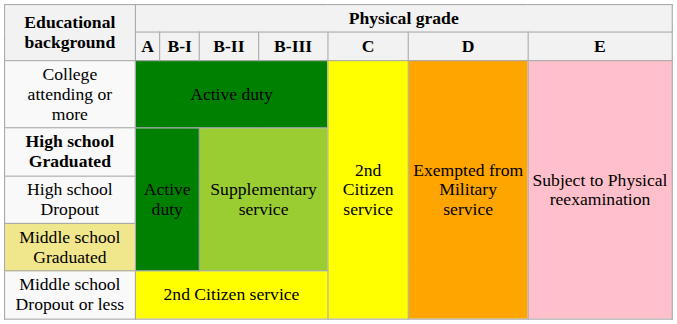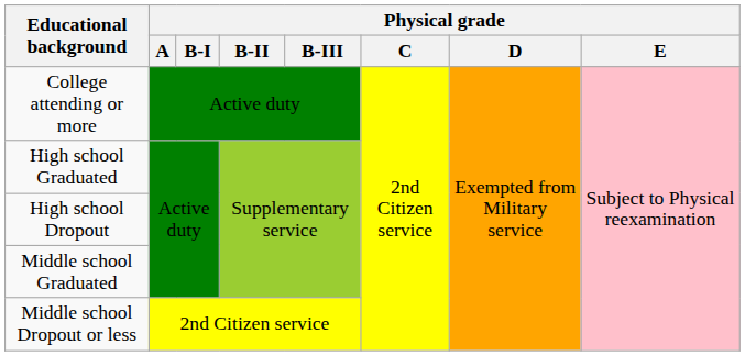 <table class="wikitable">
 <tr>
 <th rowspan="2">Educational background</th>
 <th colspan="7">Physical grade</th>
 </tr>
 <tr>
 <th>A</th>
 <th>B-I</th>
 <th>B-II</th>
 <th>B-III</th>
 <th>C</th>
 <th>D</th>
 <th>E</th>
 </tr>
 <tr>
 <td div style="text-align:center">College attending or more</td>
 <td colspan="4" div style="background:green; text-align:center;">Active duty</td>
 <td style="text-align:center; background:yellow;" rowspan="5" div>2nd Citizen service</td>
 <td rowspan="5" div style="background:orange; text-align:center;">Exempted from Military service</td>
 <td rowspan="5" div style="background:pink; text-align:center;">Subject to Physical reexamination</td>
 </tr>
 <tr>
-<td div style="text-align:center"><strong>High school Graduated</strong></td>
+<td div style="text-align:center">High school Graduated</td>
 <td colspan="2" rowspan="3" div style="background:green; text-align:center;">Active duty</td>
 <td colspan="2" rowspan="3" div style="background:yellowgreen; text-align:center;">Supplementary service</td>
 </tr>
 <tr>
 <td div style="text-align:center">High school Dropout</td>
 </tr>
 <tr>
-<td div style="background: khaki; text-align:center">Middle school Graduated</td>
+<td div style="text-align:center">Middle school Graduated</td>
 </tr>
 <tr>
 <td div style="text-align:center">Middle school Dropout or less</td>
 <td style="text-align:center; background:yellow;" colspan="4" div>2nd Citizen service</td>
 </tr>
 </table>
